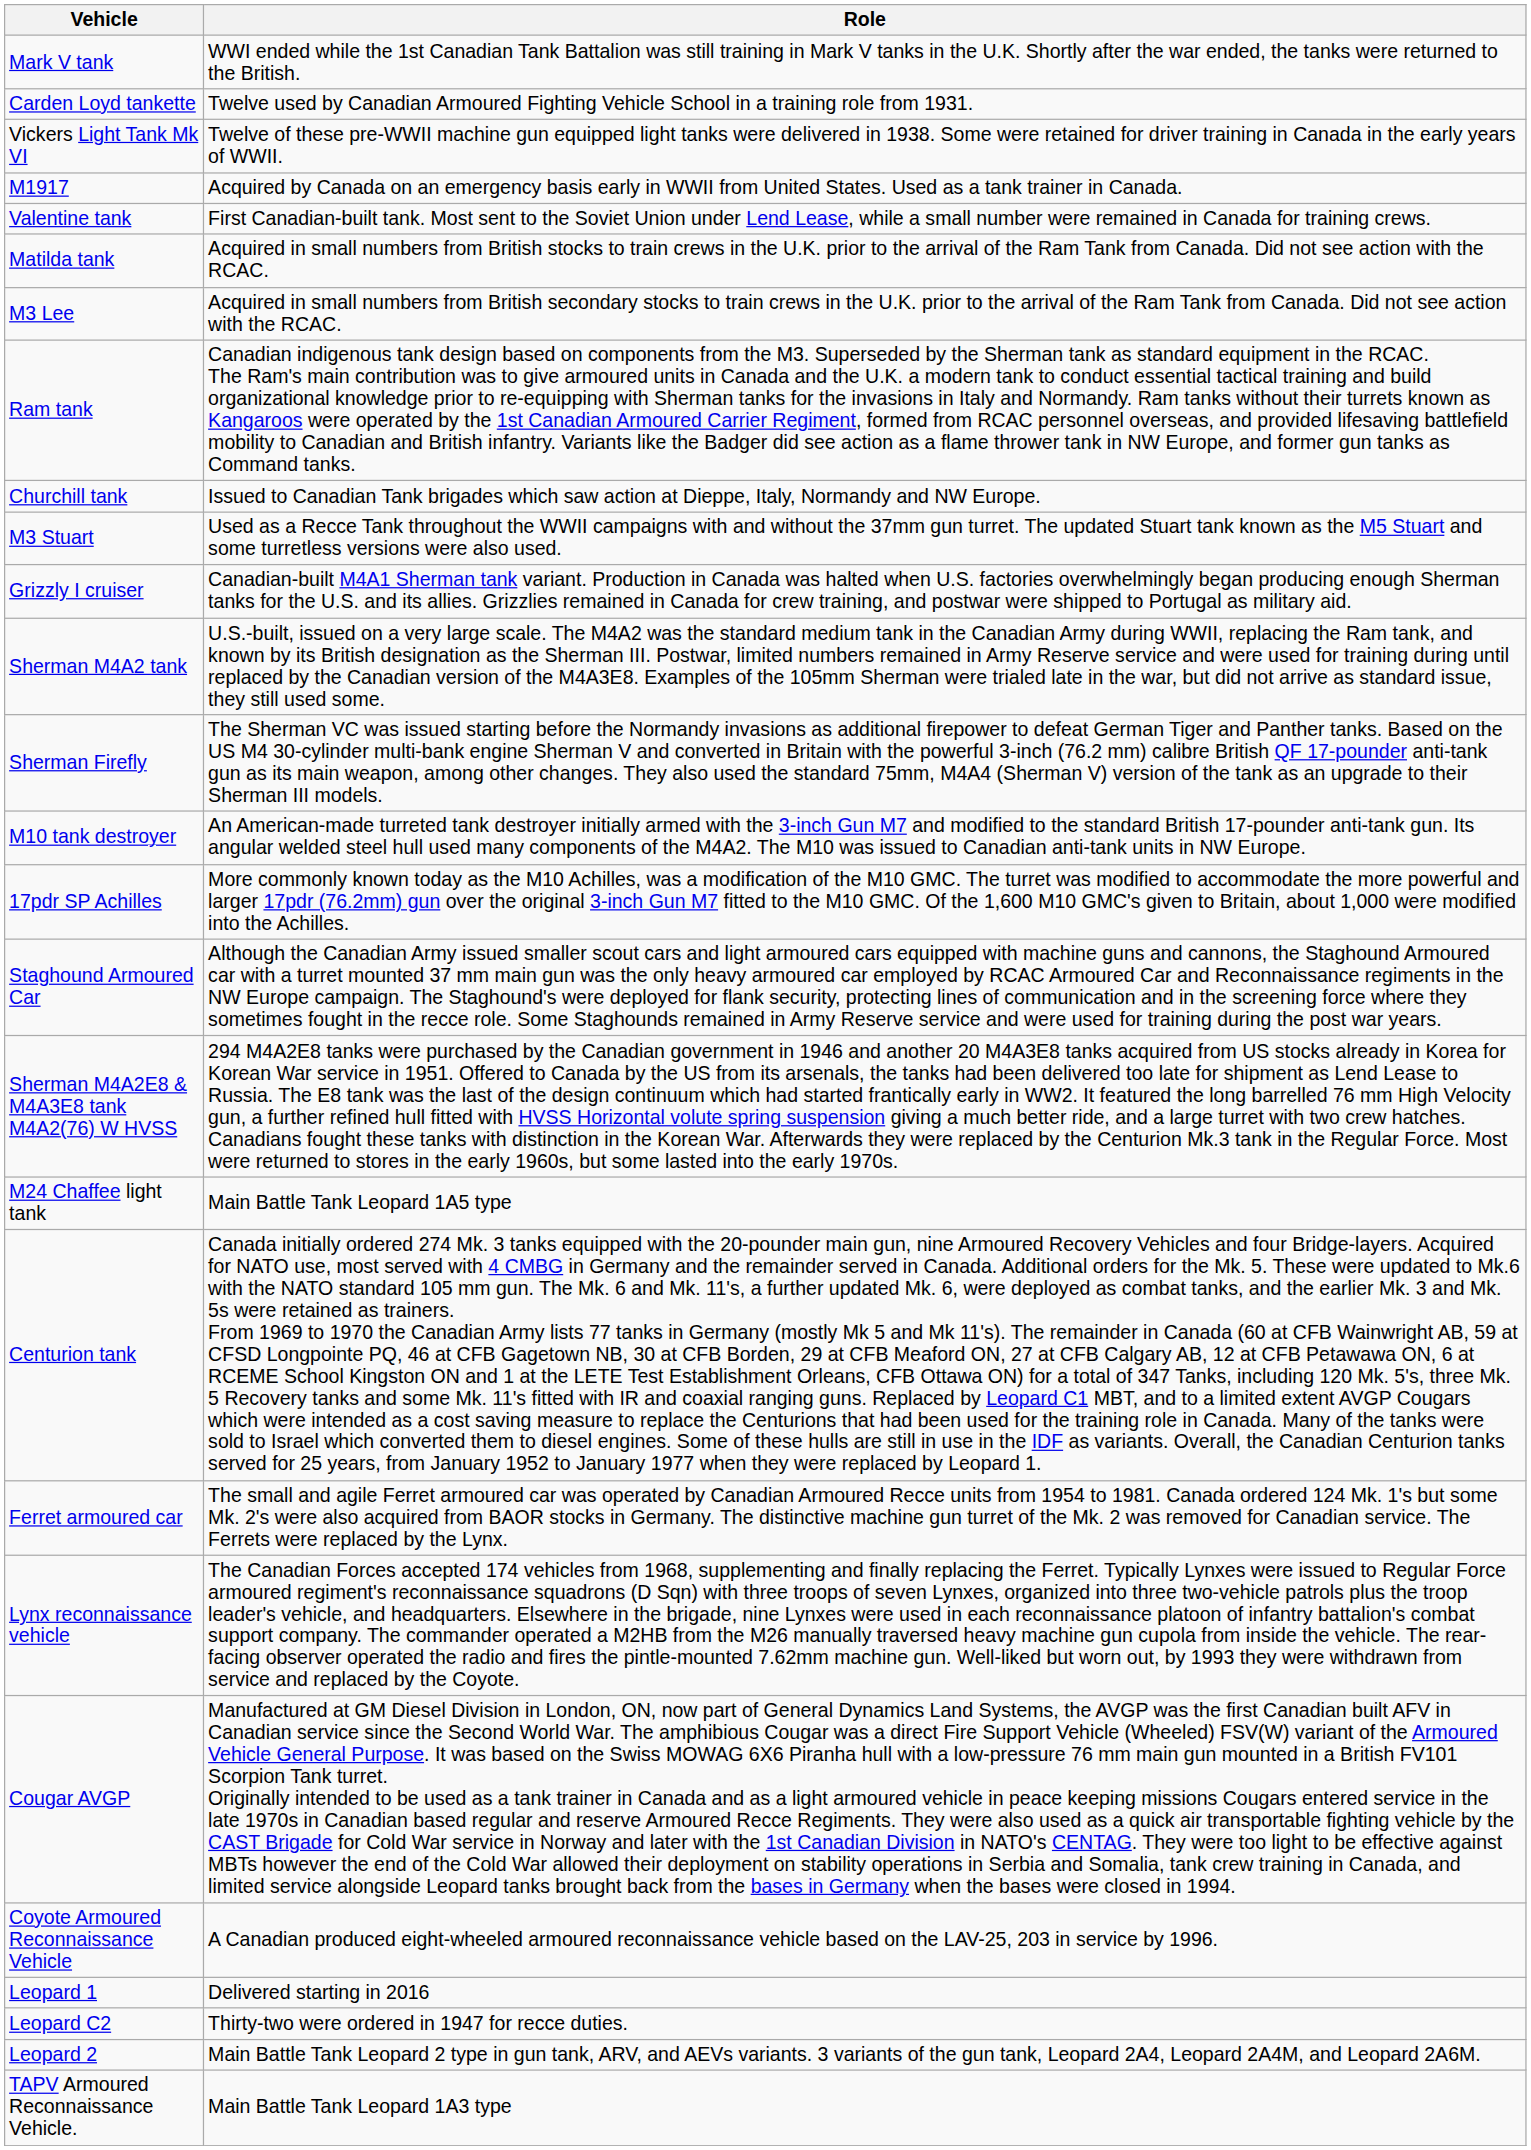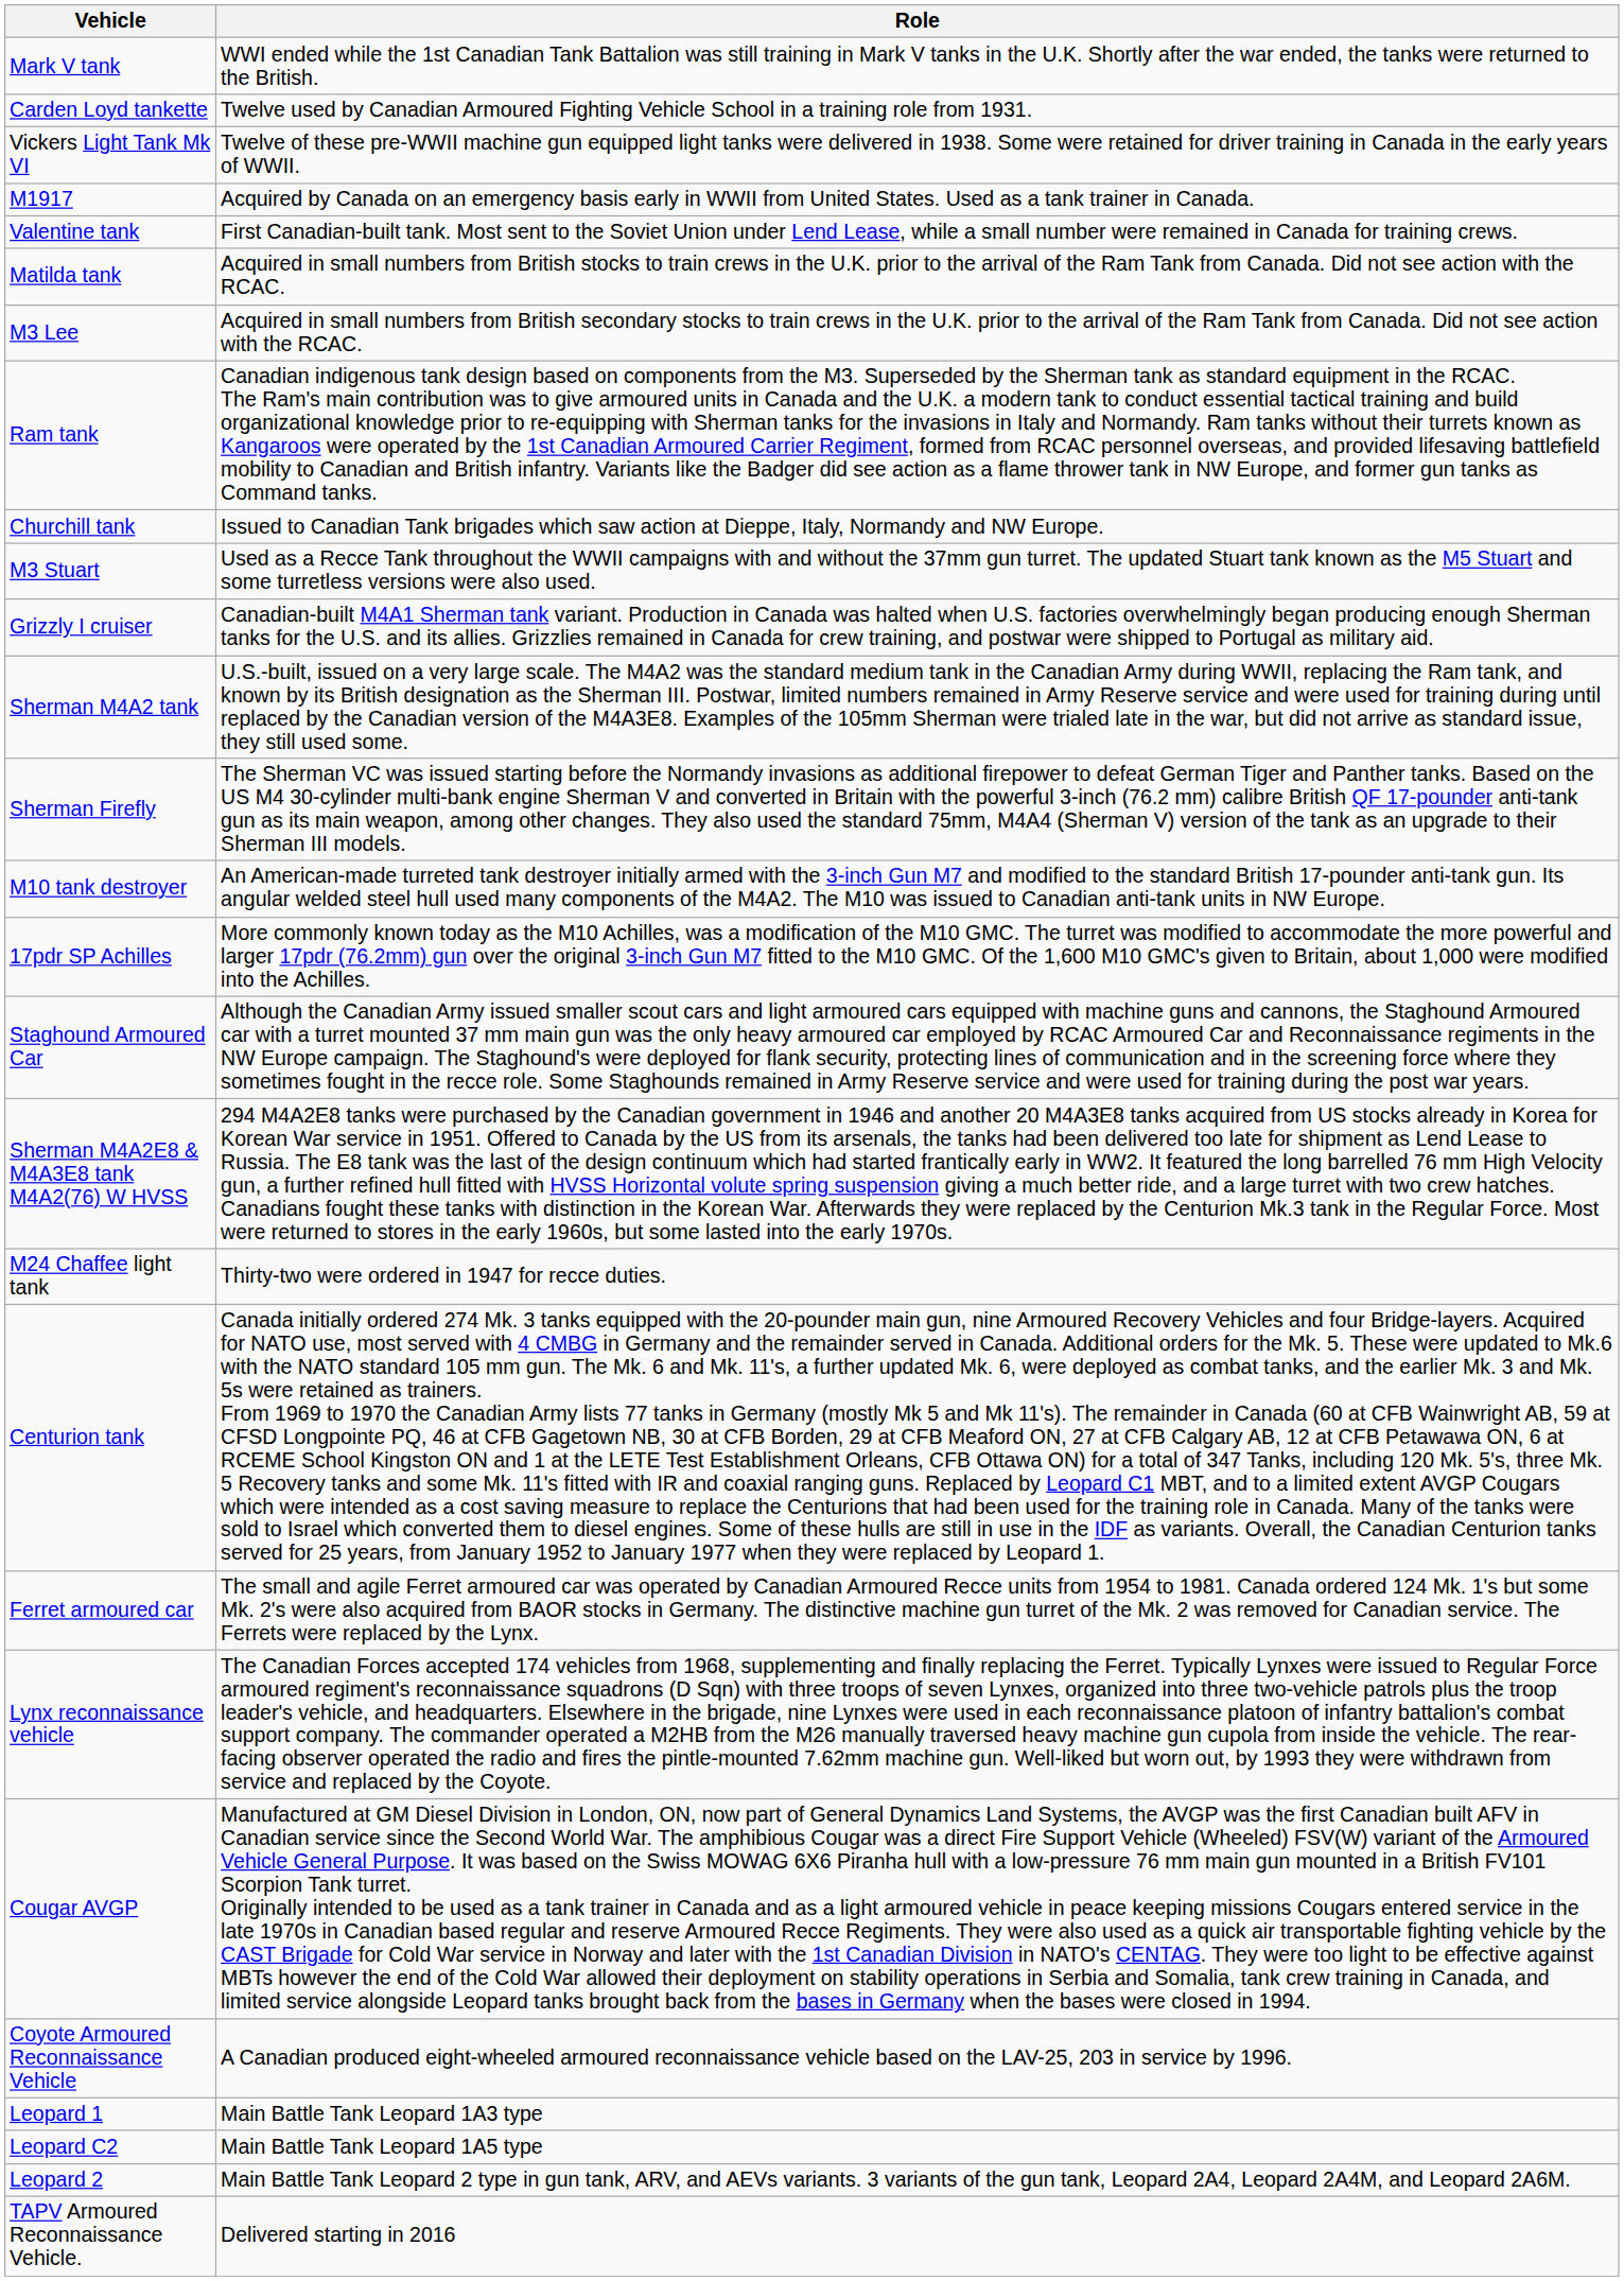 <table class="wikitable">
 <tr>
 <th>Vehicle</th>
 <th>Role</th>
 </tr>
 <tr>
 <td><a href='#'>Mark V tank</a></td>
 <td>WWI ended while the 1st Canadian Tank Battalion was still training in Mark V tanks in the U.K. Shortly after the war ended, the tanks were returned to the British.</td>
 </tr>
 <tr>
 <td><a href='#'>Carden Loyd tankette</a></td>
 <td>Twelve used by Canadian Armoured Fighting Vehicle School in a training role from 1931.</td>
 </tr>
 <tr>
 <td>Vickers <a href='#'>Light Tank Mk VI</a></td>
 <td>Twelve of these pre-WWII machine gun equipped light tanks were delivered in 1938.  Some were retained for driver training in Canada in the early years of WWII.</td>
 </tr>
 <tr>
 <td><a href='#'>M1917</a></td>
 <td>Acquired by Canada on an emergency basis early in WWII from United States.  Used as a tank trainer in Canada.</td>
 </tr>
 <tr>
 <td><a href='#'>Valentine tank</a></td>
 <td>First Canadian-built tank.  Most sent to the Soviet Union under <a href='#'>Lend Lease</a>, while a small number were remained in Canada for training crews.</td>
 </tr>
 <tr>
 <td><a href='#'>Matilda tank</a></td>
 <td>Acquired in small numbers from British stocks to train crews in the U.K. prior to the arrival of the Ram Tank from Canada.  Did not see action with the RCAC.</td>
 </tr>
 <tr>
 <td><a href='#'>M3 Lee</a></td>
 <td>Acquired in small numbers from British secondary stocks to train crews in the U.K. prior to the arrival of the Ram Tank from Canada.  Did not see action with the RCAC.</td>
 </tr>
 <tr>
 <td><a href='#'>Ram tank</a></td>
 <td>Canadian indigenous tank design based on components from the M3.  Superseded by the Sherman tank as standard equipment in the RCAC.<br>The Ram's main contribution was to give armoured units in Canada and the U.K. a modern tank to conduct essential tactical training and build organizational knowledge prior to re-equipping with Sherman tanks for the invasions in Italy and Normandy.   Ram tanks without their turrets known as <a href='#'>Kangaroos</a> were operated by the <a href='#'>1st Canadian Armoured Carrier Regiment</a>, formed from RCAC personnel overseas, and provided lifesaving battlefield mobility to Canadian and British infantry. Variants like the Badger did see action as a flame thrower tank in NW Europe, and former gun tanks as Command tanks.</td>
 </tr>
 <tr>
 <td><a href='#'>Churchill tank</a></td>
 <td>Issued to Canadian Tank brigades which saw action at Dieppe, Italy, Normandy and NW Europe.</td>
 </tr>
 <tr>
 <td><a href='#'>M3 Stuart</a></td>
 <td>Used as a Recce Tank throughout the WWII campaigns with and without the 37mm gun turret. The updated Stuart tank known as the <a href='#'>M5 Stuart</a> and some turretless versions were also used.</td>
 </tr>
 <tr>
 <td><a href='#'>Grizzly I cruiser</a></td>
 <td>Canadian-built <a href='#'>M4A1 Sherman tank</a> variant.  Production in Canada was halted when U.S. factories overwhelmingly began producing enough Sherman tanks for the U.S. and its allies.  Grizzlies remained in Canada for crew training, and postwar were shipped to Portugal as military aid.</td>
 </tr>
 <tr>
 <td><a href='#'>Sherman M4A2 tank</a></td>
 <td>U.S.-built, issued on a very large scale.  The M4A2 was the standard medium tank in the Canadian Army during WWII, replacing the Ram tank, and known by its British designation as the Sherman III.  Postwar, limited numbers remained in Army Reserve service and were used for training during until replaced by the Canadian version of the M4A3E8.  Examples of the 105mm Sherman were trialed late in the war, but did not arrive as standard issue, they still used some.</td>
 </tr>
 <tr>
 <td><a href='#'>Sherman Firefly</a></td>
 <td>The Sherman VC was issued starting before the Normandy invasions as additional firepower to defeat German Tiger and Panther tanks. Based on the US M4 30-cylinder multi-bank engine Sherman V and converted in Britain with the powerful 3-inch (76.2 mm) calibre British <a href='#'>QF 17-pounder</a> anti-tank gun as its main weapon, among other changes. They also used the standard 75mm, M4A4 (Sherman V) version of the tank as an upgrade to their Sherman III models.</td>
 </tr>
 <tr>
 <td><a href='#'>M10 tank destroyer</a></td>
 <td>An American-made turreted tank destroyer initially armed with the <a href='#'>3-inch Gun M7</a> and modified to the standard British 17-pounder anti-tank gun.  Its angular welded steel hull used many components of the M4A2. The M10 was issued to Canadian anti-tank units in NW Europe.</td>
 </tr>
 <tr>
 <td><a href='#'>17pdr SP Achilles</a></td>
 <td>More commonly known today as the M10 Achilles, was a modification of the M10 GMC.  The turret was modified to accommodate the more powerful and larger <a href='#'>17pdr (76.2mm) gun</a> over the original <a href='#'>3-inch Gun M7</a> fitted to the M10 GMC. Of the 1,600 M10 GMC's given to Britain, about 1,000 were modified into the Achilles.</td>
 </tr>
 <tr>
 <td><a href='#'>Staghound Armoured Car</a></td>
 <td>Although the Canadian Army issued smaller scout cars and light armoured cars equipped with machine guns and cannons, the Staghound Armoured car with a turret mounted 37 mm main gun was the only heavy armoured car employed by RCAC Armoured Car and Reconnaissance regiments in the NW Europe campaign. The Staghound's were deployed for flank security, protecting lines of communication and in the screening force where they sometimes fought in the recce role. Some Staghounds remained in Army Reserve service and were used for training during the post war years.</td>
 </tr>
 <tr>
 <td><a href='#'>Sherman M4A2E8 & M4A3E8 tank M4A2(76) W HVSS</a></td>
 <td>294 M4A2E8 tanks were purchased by the Canadian government in 1946 and another 20 M4A3E8 tanks acquired from US stocks already in Korea for Korean War service in 1951.  Offered to Canada by the US from its arsenals, the tanks had been delivered too late for shipment as Lend Lease to Russia. The E8 tank was the last of the design continuum which had started frantically early in WW2.  It featured the long barrelled 76 mm High Velocity gun, a further refined hull fitted with <a href='#'>HVSS Horizontal volute spring suspension</a> giving a much better ride, and a large turret with two crew hatches.  Canadians fought these tanks with distinction in the Korean War.  Afterwards they were replaced by the Centurion Mk.3 tank in the Regular Force.  Most were returned to stores in the early 1960s, but some lasted into the early 1970s.</td>
 </tr>
 <tr>
 <td><a href='#'>M24 Chaffee</a> light tank</td>
-<td>Main Battle Tank Leopard 1A5 type</td>
+<td>Thirty-two were ordered in 1947 for recce duties.</td>
 </tr>
 <tr>
 <td><a href='#'>Centurion tank</a></td>
 <td>Canada initially ordered 274 Mk. 3 tanks equipped with the 20-pounder main gun, nine Armoured Recovery Vehicles and four Bridge-layers. Acquired for NATO use, most served with <a href='#'>4 CMBG</a> in Germany and the remainder served in Canada. Additional orders for the Mk. 5.  These were updated to Mk.6 with the NATO standard 105 mm gun. The Mk. 6 and Mk. 11's, a further updated Mk. 6, were deployed as combat tanks, and the earlier Mk. 3 and Mk. 5s were retained as trainers.<br>From 1969 to 1970 the Canadian Army lists 77 tanks in Germany (mostly Mk 5 and Mk 11's).  The remainder in Canada (60 at CFB Wainwright AB, 59 at CFSD Longpointe PQ, 46 at CFB Gagetown NB, 30 at CFB Borden, 29 at CFB Meaford ON, 27 at CFB Calgary AB, 12 at CFB Petawawa ON, 6 at RCEME School Kingston ON and 1 at the LETE Test Establishment Orleans, CFB Ottawa ON) for a total of 347 Tanks, including 120 Mk. 5's, three Mk. 5 Recovery tanks and some Mk. 11's fitted with IR and coaxial ranging guns. Replaced by <a href='#'>Leopard C1</a> MBT, and to a limited extent AVGP Cougars which were intended as a cost saving measure to replace the Centurions that had been used for the training role in Canada. Many of the tanks were sold to Israel which converted them to diesel engines. Some of these hulls are still in use in the <a href='#'>IDF</a> as variants. Overall, the Canadian Centurion tanks served for 25 years, from January 1952 to January 1977 when they were replaced by Leopard 1.</td>
 </tr>
 <tr>
 <td><a href='#'>Ferret armoured car</a></td>
 <td>The small and agile Ferret armoured car was operated by Canadian Armoured Recce units from 1954 to 1981. Canada ordered 124 Mk. 1's but some Mk. 2's were also acquired from BAOR stocks in Germany.  The distinctive machine gun turret of the Mk. 2 was removed for Canadian service.  The Ferrets were replaced by the Lynx.</td>
 </tr>
 <tr>
 <td><a href='#'>Lynx reconnaissance vehicle</a></td>
 <td>The Canadian Forces accepted 174 vehicles from 1968, supplementing and finally replacing the Ferret. Typically Lynxes were issued to Regular Force armoured regiment's reconnaissance squadrons (D Sqn) with three troops of seven Lynxes, organized into three two-vehicle patrols plus the troop leader's vehicle, and headquarters. Elsewhere in the brigade, nine Lynxes were used in each reconnaissance platoon of infantry battalion's combat support company. The commander operated a M2HB from the M26 manually traversed heavy machine gun cupola from inside the vehicle. The rear-facing observer operated the radio and fires the pintle-mounted 7.62mm machine gun. Well-liked but worn out, by 1993 they were withdrawn from service and replaced by the Coyote.</td>
 </tr>
 <tr>
 <td><a href='#'>Cougar AVGP</a></td>
 <td>Manufactured at GM Diesel Division in London, ON, now part of General Dynamics Land Systems, the AVGP was the first Canadian built AFV in Canadian service since the Second World War. The amphibious Cougar was a direct Fire Support Vehicle (Wheeled) FSV(W) variant of the <a href='#'>Armoured Vehicle General Purpose</a>. It was based on the Swiss MOWAG 6X6 Piranha hull with a low-pressure 76 mm main gun mounted in a British FV101 Scorpion Tank turret.<br>Originally intended to be used as a tank trainer in Canada and as a light armoured vehicle in peace keeping missions Cougars entered service in the late 1970s in Canadian based regular and reserve Armoured Recce Regiments. They were also used as a quick air transportable fighting vehicle by the <a href='#'>CAST Brigade</a> for Cold War service in Norway and later with the <a href='#'>1st Canadian Division</a> in NATO's <a href='#'>CENTAG</a>. They were too light to be effective against MBTs however the end of the Cold War allowed their deployment on stability operations in Serbia and Somalia, tank crew training in Canada, and limited service alongside Leopard tanks brought back from the <a href='#'>bases in Germany</a> when the bases were closed in 1994.</td>
 </tr>
 <tr>
 <td><a href='#'>Coyote Armoured Reconnaissance Vehicle</a></td>
 <td>A Canadian produced eight-wheeled armoured reconnaissance vehicle based on the LAV-25, 203 in service by 1996.</td>
 </tr>
 <tr>
 <td><a href='#'>Leopard 1</a></td>
-<td>Delivered starting in 2016</td>
+<td>Main Battle Tank Leopard 1A3 type</td>
 </tr>
 <tr>
 <td><a href='#'>Leopard C2</a></td>
-<td>Thirty-two were ordered in 1947 for recce duties.</td>
+<td>Main Battle Tank Leopard 1A5 type</td>
 </tr>
 <tr>
 <td><a href='#'>Leopard 2</a></td>
 <td>Main Battle Tank Leopard 2 type in gun tank, ARV, and AEVs variants. 3 variants of the gun tank, Leopard 2A4, Leopard 2A4M, and Leopard 2A6M.</td>
 </tr>
 <tr>
 <td><a href='#'>TAPV</a> Armoured Reconnaissance Vehicle.</td>
-<td>Main Battle Tank Leopard 1A3 type</td>
+<td>Delivered starting in 2016</td>
 </tr>
 </table>
